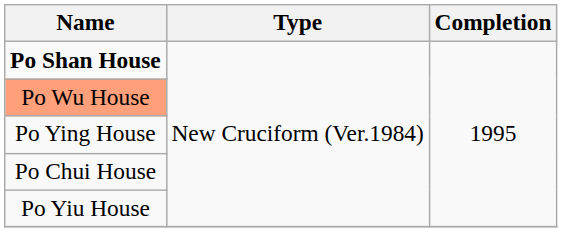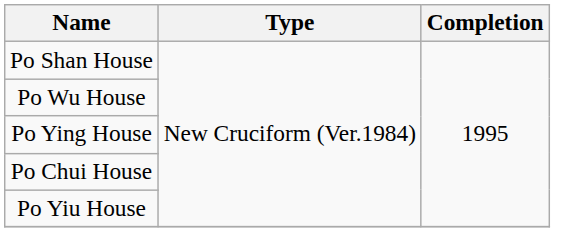 <table class="wikitable" style="text-align: center">
 <tr>
 <th>Name</th>
 <th>Type</th>
 <th>Completion</th>
 </tr>
 <tr>
-<td><strong>Po Shan House</strong></td>
+<td>Po Shan House</td>
 <td rowspan="5">New Cruciform (Ver.1984)</td>
 <td rowspan="5">1995</td>
 </tr>
 <tr>
-<td style="background: lightsalmon;">Po Wu House</td>
+<td>Po Wu House</td>
 </tr>
 <tr>
 <td>Po Ying House</td>
 </tr>
 <tr>
 <td>Po Chui House</td>
 </tr>
 <tr>
 <td>Po Yiu House</td>
 </tr>
 <tr>
 </tr>
 </table>
